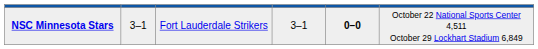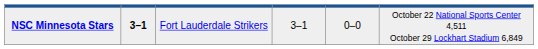 <table style=border-collapse:collapse border=1 cellspacing=0 cellpadding=2>
 <tr style="text-align:center; background:#0d56a6;">
 <th width=180></th>
 <th width=50></th>
 <th width=180></th>
 <th width=80></th>
 <th width=80></th>
 <td width=240></td>
 </tr>
 <tr style="text-align:center; background:#efefef;">
 <td align=center><strong><a href='#'>NSC Minnesota Stars</a></strong></td>
-<td>3–1</td>
+<td><strong>3–1</strong></td>
 <td align=center><a href='#'>Fort Lauderdale Strikers</a></td>
 <td>3–1</td>
-<td><strong>0–0</strong></td>
+<td>0–0</td>
 <td><small>October 22 <a href='#'>National Sports Center</a> 4,511<br>October 29 <a href='#'>Lockhart Stadium</a> 6,849</small></td>
 </tr>
 </table>
